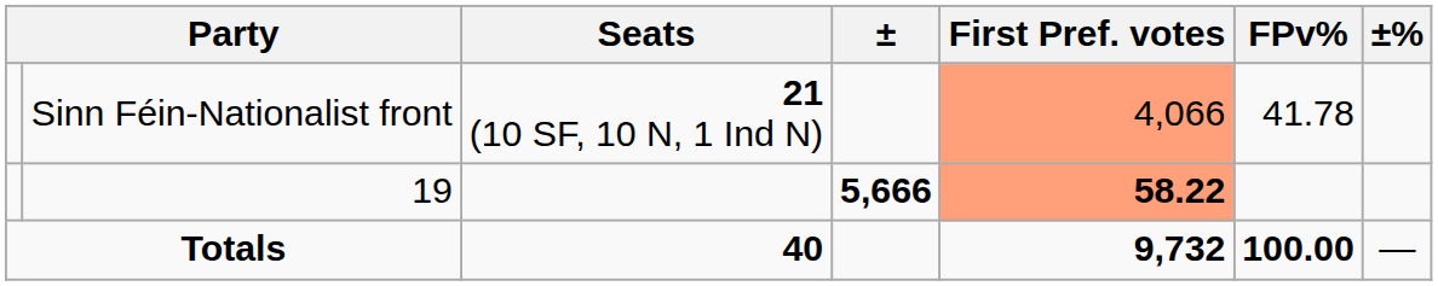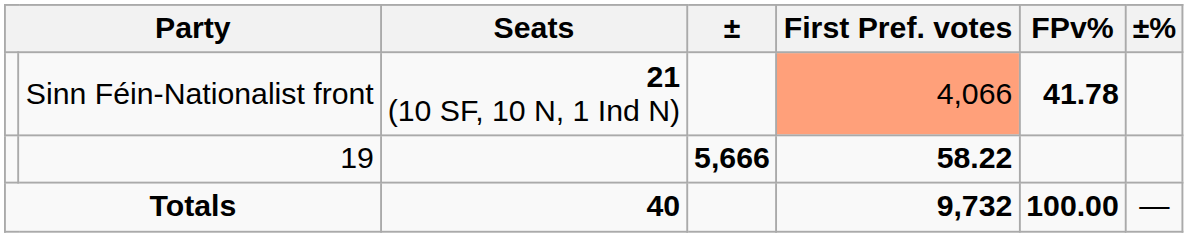 <table class=wikitable>
 <tr>
 <th colspan=2 align=center>Party</th>
 <th valign=top>Seats</th>
 <th valign=top>±</th>
 <th valign=top>First Pref. votes</th>
 <th valign=top>FPv%</th>
 <th valign=top>±%</th>
 </tr>
 <tr>
 <td></td>
 <td>Sinn Féin-Nationalist front</td>
 <td align=right><strong>21</strong><br>(10 SF, 10 N, 1 Ind N)</td>
 <td align=right></td>
 <td align=right style="background: lightsalmon;">4,066</td>
-<td align=right>41.78</td>
+<td align=right><strong>41.78</strong></td>
 <td align=right></td>
 </tr>
 <tr>
 <td></td>
 <td align=right>19</td>
 <td align=right></td>
 <td align=right><strong>5,666</strong></td>
-<td align=right style="background: lightsalmon;"><strong>58.22</strong></td>
+<td align=right><strong>58.22</strong></td>
 <td align=right></td>
 </tr>
 <tr>
 <td colspan=2 align=center><strong>Totals</strong></td>
 <td align=right><strong>40</strong></td>
 <td align=center></td>
 <td align=right><strong>9,732</strong></td>
 <td align=center><strong>100.00</strong></td>
 <td align=center>—</td>
 </tr>
 </table>
